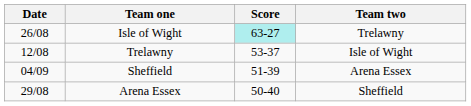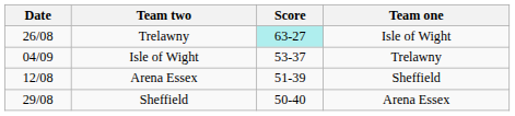 <table class="wikitable" style="text-align: center">
 <tr>
 <th width=80>Date</th>
+<th width=250>Team two</th>
+<th width=80>Score</th>
 <th width=250>Team one</th>
-<th width=80>Score</th>
-<th width=250>Team two</th>
 </tr>
 <tr>
 <td>26/08</td>
+<td>Trelawny</td>
+<td style="background: paleturquoise;">63-27</td>
 <td>Isle of Wight</td>
-<td style="background: paleturquoise;">63-27</td>
+</tr>
+<tr>
+<td>04/09</td>
+<td>Isle of Wight</td>
+<td>53-37</td>
 <td>Trelawny</td>
 </tr>
 <tr>
 <td>12/08</td>
-<td>Trelawny</td>
-<td>53-37</td>
-<td>Isle of Wight</td>
-</tr>
-<tr>
-<td>04/09</td>
+<td>Arena Essex</td>
+<td>51-39</td>
 <td>Sheffield</td>
-<td>51-39</td>
-<td>Arena Essex</td>
 </tr>
 <tr>
 <td>29/08</td>
+<td>Sheffield</td>
+<td>50-40</td>
 <td>Arena Essex</td>
-<td>50-40</td>
-<td>Sheffield</td>
 </tr>
 </table>
